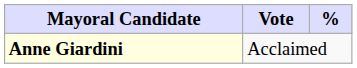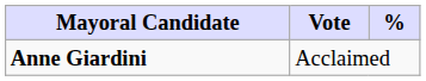 <table class="wikitable">
 <tr>
 <th style="background:#ddf; width:200px;">Mayoral Candidate</th>
 <th style="background:#ddf; width:50px;">Vote</th>
 <th style="background:#ddf; width:30px;">%</th>
 </tr>
 <tr>
-<td style="background: lightyellow;"><strong>Anne Giardini</strong></td>
+<td><strong>Anne Giardini</strong></td>
 <td colspan="2">Acclaimed</td>
 </tr>
 </table>
